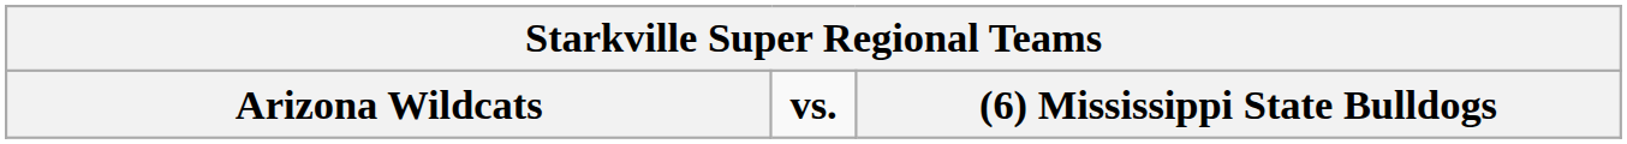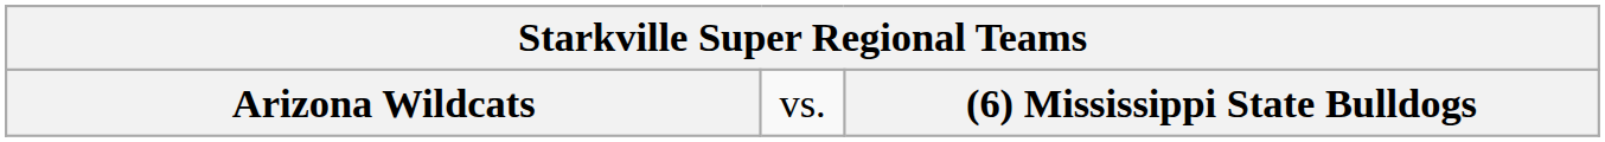 <table class="wikitable">
 <tr>
 <th style="width: 604px;" colspan=3>Starkville Super Regional Teams</th>
 </tr>
 <tr>
 <th style="width: 289px; ">Arizona Wildcats</th>
-<td style="width: 25px; text-align:center"><strong>vs.</strong></td>
+<td style="width: 25px; text-align:center">vs.</td>
 <th style="width: 289px; ">(6) Mississippi State Bulldogs</th>
 </tr>
 </table>
